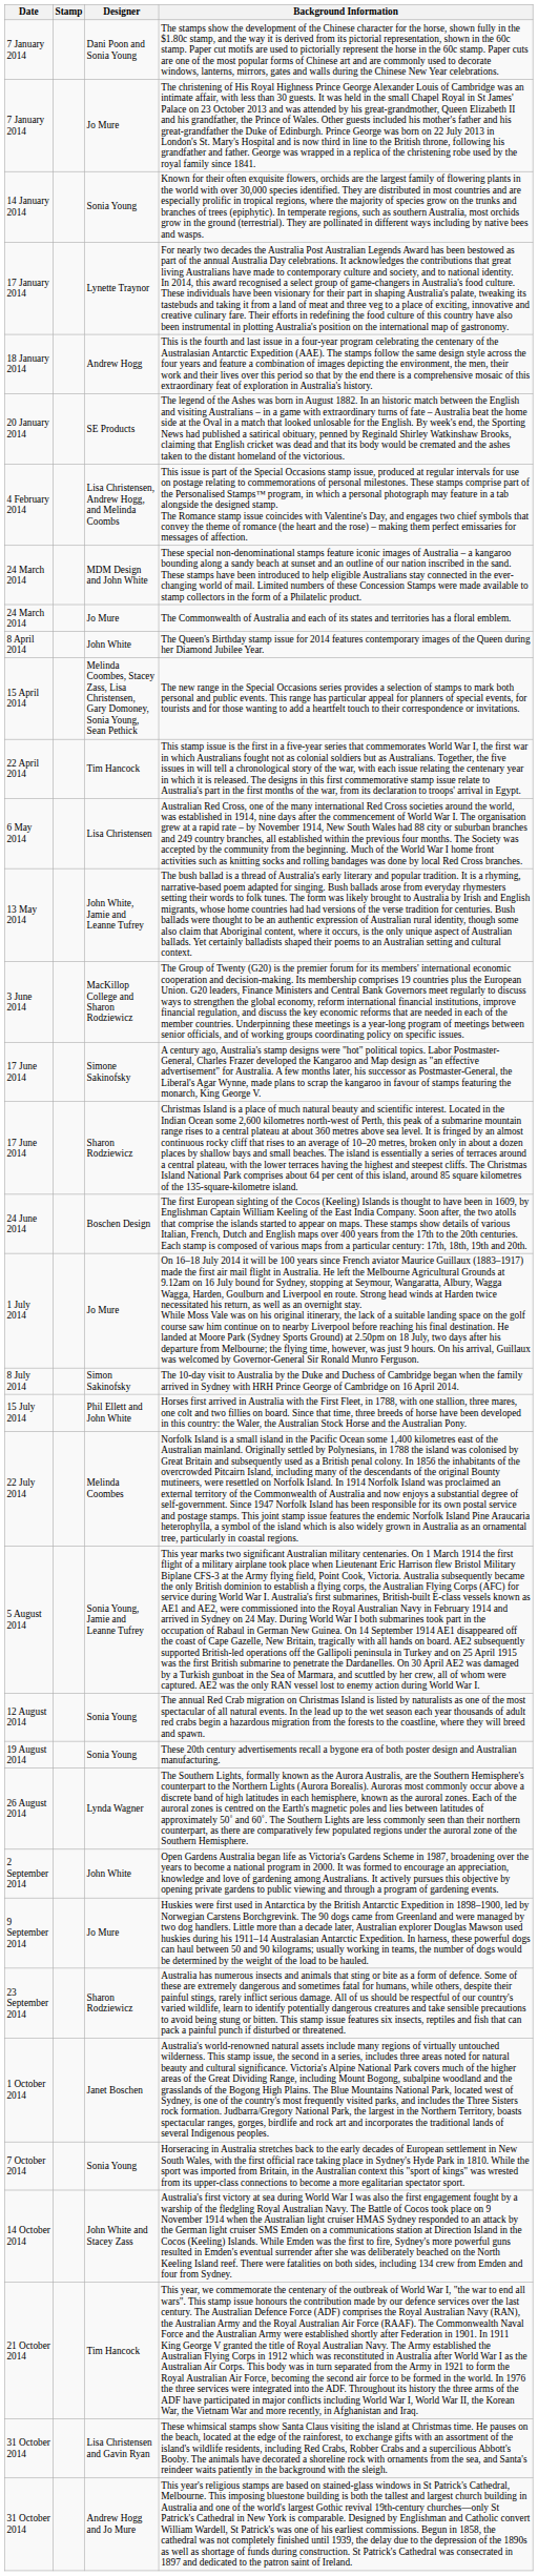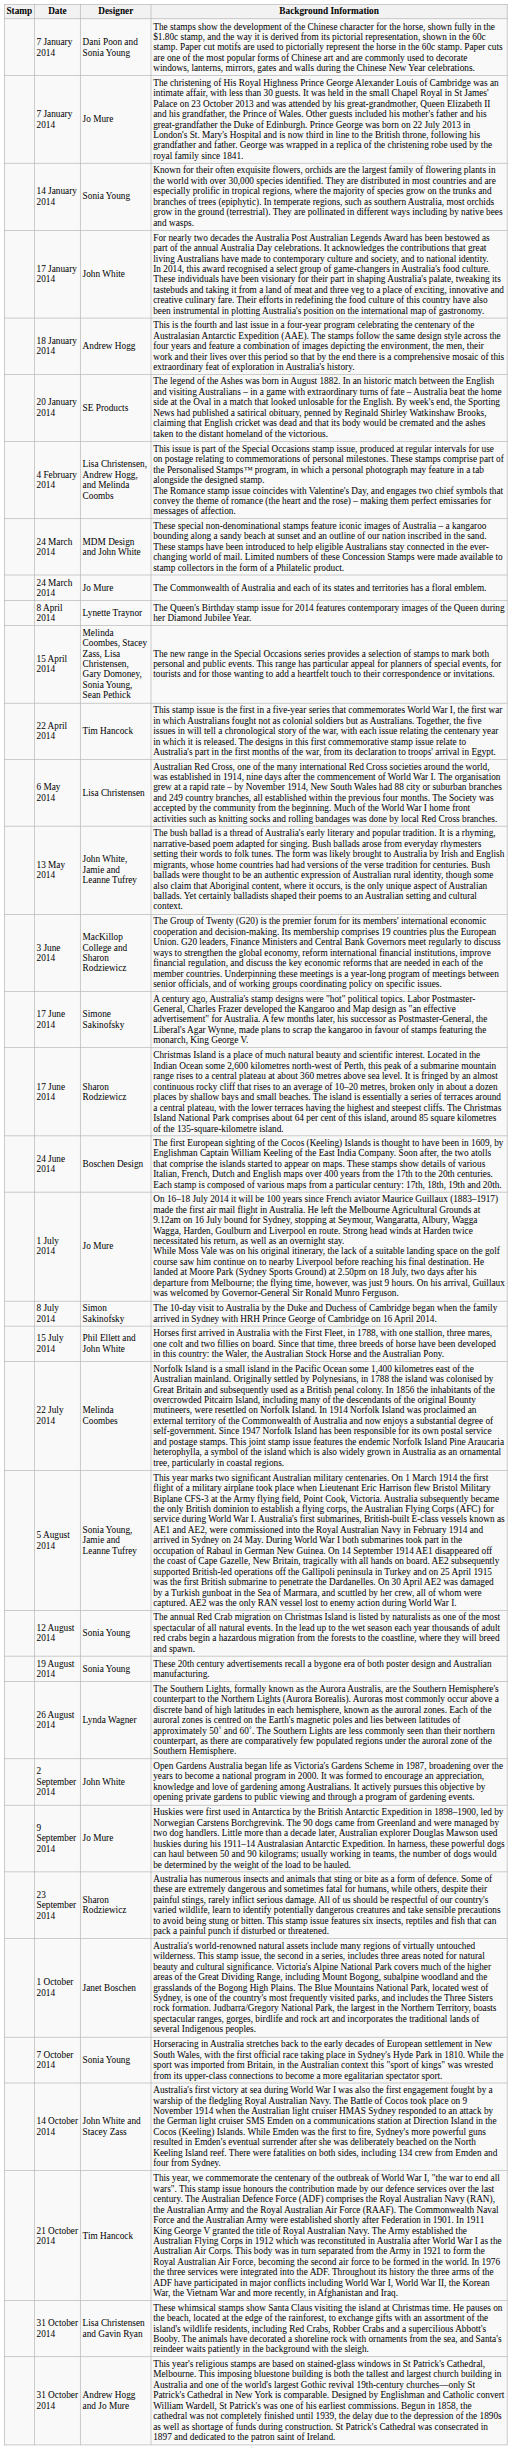 <table class="wikitable mw-collapsible">
 <tr>
+<th><strong>Stamp</strong></th>
 <th>Date</th>
-<th><strong>Stamp</strong></th>
 <th>Designer</th>
 <th>Background Information</th>
 </tr>
 <tr>
+<td></td>
 <td>7 January 2014</td>
-<td></td>
 <td>Dani Poon and Sonia Young</td>
 <td>The stamps show the development of the Chinese character for the horse, shown fully in the $1.80c stamp, and the way it is derived from its pictorial representation, shown in the 60c stamp. Paper cut motifs are used to pictorially represent the horse in the 60c stamp. Paper cuts are one of the most popular forms of Chinese art and are commonly used to decorate windows, lanterns, mirrors, gates and walls during the Chinese New Year celebrations.</td>
 </tr>
 <tr>
+<td></td>
 <td>7 January 2014</td>
-<td></td>
 <td>Jo Mure</td>
 <td>The christening of His Royal Highness Prince George Alexander Louis of Cambridge was an intimate affair, with less than 30 guests. It was held in the small Chapel Royal in St James' Palace on 23 October 2013 and was attended by his great-grandmother, Queen Elizabeth II and his grandfather, the Prince of Wales. Other guests included his mother's father and his great-grandfather the Duke of Edinburgh. Prince George was born on 22 July 2013 in London's St. Mary's Hospital and is now third in line to the British throne, following his grandfather and father. George was wrapped in a replica of the christening robe used by the royal family since 1841.</td>
 </tr>
 <tr>
+<td></td>
 <td>14 January 2014</td>
-<td></td>
 <td>Sonia Young</td>
 <td>Known for their often exquisite flowers, orchids are the largest family of flowering plants in the world with over 30,000 species identified. They are distributed in most countries and are especially prolific in tropical regions, where the majority of species grow on the trunks and branches of trees (epiphytic). In temperate regions, such as southern Australia, most orchids grow in the ground (terrestrial). They are pollinated in different ways including by native bees and wasps.</td>
 </tr>
 <tr>
+<td></td>
 <td>17 January 2014</td>
-<td></td>
-<td>Lynette Traynor</td>
+<td>John White</td>
 <td>For nearly two decades the Australia Post Australian Legends Award has been bestowed as part of the annual Australia Day celebrations. It acknowledges the contributions that great living Australians have made to contemporary culture and society, and to national identity.<br>In 2014, this award recognised a select group of game-changers in Australia's food culture. These individuals have been visionary for their part in shaping Australia's palate, tweaking its tastebuds and taking it from a land of meat and three veg to a place of exciting, innovative and creative culinary fare. Their efforts in redefining the food culture of this country have also been instrumental in plotting Australia's position on the international map of gastronomy.</td>
 </tr>
 <tr>
+<td></td>
 <td>18 January 2014</td>
-<td></td>
 <td>Andrew Hogg</td>
 <td>This is the fourth and last issue in a four-year program celebrating the centenary of the Australasian Antarctic Expedition (AAE). The stamps follow the same design style across the four years and feature a combination of images depicting the environment, the men, their work and their lives over this period so that by the end there is a comprehensive mosaic of this extraordinary feat of exploration in Australia's history.</td>
 </tr>
 <tr>
+<td></td>
 <td>20 January 2014</td>
-<td></td>
 <td>SE Products</td>
 <td>The legend of the Ashes was born in August 1882. In an historic match between the English and visiting Australians – in a game with extraordinary turns of fate – Australia beat the home side at the Oval in a match that looked unlosable for the English. By week's end, the Sporting News had published a satirical obituary, penned by Reginald Shirley Watkinshaw Brooks, claiming that English cricket was dead and that its body would be cremated and the ashes taken to the distant homeland of the victorious.</td>
 </tr>
 <tr>
+<td></td>
 <td>4 February 2014</td>
-<td></td>
 <td>Lisa Christensen, Andrew Hogg, and Melinda Coombs</td>
 <td>This issue is part of the Special Occasions stamp issue, produced at regular intervals for use on postage relating to commemorations of personal milestones. These stamps comprise part of the Personalised Stamps™ program, in which a personal photograph may feature in a tab alongside the designed stamp.<br>The Romance stamp issue coincides with Valentine's Day, and engages two chief symbols that convey the theme of romance (the heart and the rose) – making them perfect emissaries for messages of affection.</td>
 </tr>
 <tr>
+<td></td>
 <td>24 March 2014</td>
-<td></td>
 <td>MDM Design and John White</td>
 <td>These special non-denominational stamps feature iconic images of Australia – a kangaroo bounding along a sandy beach at sunset and an outline of our nation inscribed in the sand. These stamps have been introduced to help eligible Australians stay connected in the ever-changing world of mail. Limited numbers of these Concession Stamps were made available to stamp collectors in the form of a Philatelic product.</td>
 </tr>
 <tr>
+<td></td>
 <td>24 March 2014</td>
-<td></td>
 <td>Jo Mure</td>
 <td>The Commonwealth of Australia and each of its states and territories has a floral emblem.</td>
 </tr>
 <tr>
+<td></td>
 <td>8 April 2014</td>
-<td></td>
-<td>John White</td>
+<td>Lynette Traynor</td>
 <td>The Queen's Birthday stamp issue for 2014 features contemporary images of the Queen during her Diamond Jubilee Year.</td>
 </tr>
 <tr>
+<td></td>
 <td>15 April 2014</td>
-<td></td>
 <td>Melinda Coombes, Stacey Zass, Lisa Christensen, Gary Domoney, Sonia Young, Sean Pethick</td>
 <td>The new range in the Special Occasions series provides a selection of stamps to mark both personal and public events. This range has particular appeal for planners of special events, for tourists and for those wanting to add a heartfelt touch to their correspondence or invitations.</td>
 </tr>
 <tr>
+<td></td>
 <td>22 April 2014</td>
-<td></td>
 <td>Tim Hancock</td>
 <td>This stamp issue is the first in a five-year series that commemorates World War I, the first war in which Australians fought not as colonial soldiers but as Australians. Together, the five issues in will tell a chronological story of the war, with each issue relating the centenary year in which it is released. The designs in this first commemorative stamp issue relate to Australia's part in the first months of the war, from its declaration to troops' arrival in Egypt.</td>
 </tr>
 <tr>
+<td></td>
 <td>6 May 2014</td>
-<td></td>
 <td>Lisa Christensen</td>
 <td>Australian Red Cross, one of the many international Red Cross societies around the world, was established in 1914, nine days after the commencement of World War I. The organisation grew at a rapid rate – by November 1914, New South Wales had 88 city or suburban branches and 249 country branches, all established within the previous four months. The Society was accepted by the community from the beginning. Much of the World War I home front activities such as knitting socks and rolling bandages was done by local Red Cross branches.</td>
 </tr>
 <tr>
+<td></td>
 <td>13 May 2014</td>
-<td></td>
 <td>John White, Jamie and Leanne Tufrey</td>
 <td>The bush ballad is a thread of Australia's early literary and popular tradition. It is a rhyming, narrative-based poem adapted for singing. Bush ballads arose from everyday rhymesters setting their words to folk tunes. The form was likely brought to Australia by Irish and English migrants, whose home countries had had versions of the verse tradition for centuries. Bush ballads were thought to be an authentic expression of Australian rural identity, though some also claim that Aboriginal content, where it occurs, is the only unique aspect of Australian ballads. Yet certainly balladists shaped their poems to an Australian setting and cultural context.</td>
 </tr>
 <tr>
+<td></td>
 <td>3 June 2014</td>
-<td></td>
 <td>MacKillop College and Sharon Rodziewicz</td>
 <td>The Group of Twenty (G20) is the premier forum for its members' international economic cooperation and decision-making. Its membership comprises 19 countries plus the European Union. G20 leaders, Finance Ministers and Central Bank Governors meet regularly to discuss ways to strengthen the global economy, reform international financial institutions, improve financial regulation, and discuss the key economic reforms that are needed in each of the member countries. Underpinning these meetings is a year-long program of meetings between senior officials, and of working groups coordinating policy on specific issues.</td>
 </tr>
 <tr>
+<td></td>
 <td>17 June 2014</td>
-<td></td>
 <td>Simone Sakinofsky</td>
 <td>A century ago, Australia's stamp designs were "hot" political topics. Labor Postmaster-General, Charles Frazer developed the Kangaroo and Map design as "an effective advertisement" for Australia. A few months later, his successor as Postmaster-General, the Liberal's Agar Wynne, made plans to scrap the kangaroo in favour of stamps featuring the monarch, King George V.</td>
 </tr>
 <tr>
+<td></td>
 <td>17 June 2014</td>
-<td></td>
 <td>Sharon Rodziewicz</td>
 <td>Christmas Island is a place of much natural beauty and scientific interest. Located in the Indian Ocean some 2,600 kilometres north-west of Perth, this peak of a submarine mountain range rises to a central plateau at about 360 metres above sea level. It is fringed by an almost continuous rocky cliff that rises to an average of 10–20 metres, broken only in about a dozen places by shallow bays and small beaches. The island is essentially a series of terraces around a central plateau, with the lower terraces having the highest and steepest cliffs. The Christmas Island National Park comprises about 64 per cent of this island, around 85 square kilometres of the 135-square-kilometre island.</td>
 </tr>
 <tr>
+<td></td>
 <td>24 June 2014</td>
-<td></td>
 <td>Boschen Design</td>
 <td>The first European sighting of the Cocos (Keeling) Islands is thought to have been in 1609, by Englishman Captain William Keeling of the East India Company. Soon after, the two atolls that comprise the islands started to appear on maps. These stamps show details of various Italian, French, Dutch and English maps over 400 years from the 17th to the 20th centuries. Each stamp is composed of various maps from a particular century: 17th, 18th, 19th and 20th.</td>
 </tr>
 <tr>
+<td></td>
 <td>1 July 2014</td>
-<td></td>
 <td>Jo Mure</td>
 <td>On 16–18 July 2014 it will be 100 years since French aviator Maurice Guillaux (1883–1917) made the first air mail flight in Australia. He left the Melbourne Agricultural Grounds at 9.12am on 16 July bound for Sydney, stopping at Seymour, Wangaratta, Albury, Wagga Wagga, Harden, Goulburn and Liverpool en route. Strong head winds at Harden twice necessitated his return, as well as an overnight stay.<br>While Moss Vale was on his original itinerary, the lack of a suitable landing space on the golf course saw him continue on to nearby Liverpool before reaching his final destination. He landed at Moore Park (Sydney Sports Ground) at 2.50pm on 18 July, two days after his departure from Melbourne; the flying time, however, was just 9 hours. On his arrival, Guillaux was welcomed by Governor-General Sir Ronald Munro Ferguson.</td>
 </tr>
 <tr>
+<td></td>
 <td>8 July 2014</td>
-<td></td>
 <td>Simon Sakinofsky</td>
 <td>The 10-day visit to Australia by the Duke and Duchess of Cambridge began when the family arrived in Sydney with HRH Prince George of Cambridge on 16 April 2014.</td>
 </tr>
 <tr>
+<td></td>
 <td>15 July 2014</td>
-<td></td>
 <td>Phil Ellett and John White</td>
 <td>Horses first arrived in Australia with the First Fleet, in 1788, with one stallion, three mares, one colt and two fillies on board. Since that time, three breeds of horse have been developed in this country: the Waler, the Australian Stock Horse and the Australian Pony.</td>
 </tr>
 <tr>
+<td></td>
 <td>22 July 2014</td>
-<td></td>
 <td>Melinda Coombes</td>
 <td>Norfolk Island is a small island in the Pacific Ocean some 1,400 kilometres east of the Australian mainland. Originally settled by Polynesians, in 1788 the island was colonised by Great Britain and subsequently used as a British penal colony. In 1856 the inhabitants of the overcrowded Pitcairn Island, including many of the descendants of the original Bounty mutineers, were resettled on Norfolk Island. In 1914 Norfolk Island was proclaimed an external territory of the Commonwealth of Australia and now enjoys a substantial degree of self-government. Since 1947 Norfolk Island has been responsible for its own postal service and postage stamps. This joint stamp issue features the endemic Norfolk Island Pine Araucaria heterophylla, a symbol of the island which is also widely grown in Australia as an ornamental tree, particularly in coastal regions.</td>
 </tr>
 <tr>
+<td></td>
 <td>5 August 2014</td>
-<td></td>
 <td>Sonia Young, Jamie and Leanne Tufrey</td>
 <td>This year marks two significant Australian military centenaries. On 1 March 1914 the first flight of a military airplane took place when Lieutenant Eric Harrison flew Bristol Military Biplane CFS-3 at the Army flying field, Point Cook, Victoria. Australia subsequently became the only British dominion to establish a flying corps, the Australian Flying Corps (AFC) for service during World War I. Australia's first submarines, British-built E-class vessels known as AE1 and AE2, were commissioned into the Royal Australian Navy in February 1914 and arrived in Sydney on 24 May. During World War I both submarines took part in the occupation of Rabaul in German New Guinea. On 14 September 1914 AE1 disappeared off the coast of Cape Gazelle, New Britain, tragically with all hands on board. AE2 subsequently supported British-led operations off the Gallipoli peninsula in Turkey and on 25 April 1915 was the first British submarine to penetrate the Dardanelles. On 30 April AE2 was damaged by a Turkish gunboat in the Sea of Marmara, and scuttled by her crew, all of whom were captured. AE2 was the only RAN vessel lost to enemy action during World War I.</td>
 </tr>
 <tr>
+<td></td>
 <td>12 August 2014</td>
-<td></td>
 <td>Sonia Young</td>
 <td>The annual Red Crab migration on Christmas Island is listed by naturalists as one of the most spectacular of all natural events. In the lead up to the wet season each year thousands of adult red crabs begin a hazardous migration from the forests to the coastline, where they will breed and spawn.</td>
 </tr>
 <tr>
+<td></td>
 <td>19 August 2014</td>
-<td></td>
 <td>Sonia Young</td>
 <td>These 20th century advertisements recall a bygone era of both poster design and Australian manufacturing.</td>
 </tr>
 <tr>
+<td></td>
 <td>26 August 2014</td>
-<td></td>
 <td>Lynda Wagner</td>
 <td>The Southern Lights, formally known as the Aurora Australis, are the Southern Hemisphere's counterpart to the Northern Lights (Aurora Borealis). Auroras most commonly occur above a discrete band of high latitudes in each hemisphere, known as the auroral zones. Each of the auroral zones is centred on the Earth's magnetic poles and lies between latitudes of approximately 50˚ and 60˚. The Southern Lights are less commonly seen than their northern counterpart, as there are comparatively few populated regions under the auroral zone of the Southern Hemisphere.</td>
 </tr>
 <tr>
+<td></td>
 <td>2 September 2014</td>
-<td></td>
 <td>John White</td>
 <td>Open Gardens Australia began life as Victoria's Gardens Scheme in 1987, broadening over the years to become a national program in 2000. It was formed to encourage an appreciation, knowledge and love of gardening among Australians. It actively pursues this objective by opening private gardens to public viewing and through a program of gardening events.</td>
 </tr>
 <tr>
+<td></td>
 <td>9 September 2014</td>
-<td></td>
 <td>Jo Mure</td>
 <td>Huskies were first used in Antarctica by the British Antarctic Expedition in 1898–1900, led by Norwegian Carstens Borchgrevink. The 90 dogs came from Greenland and were managed by two dog handlers. Little more than a decade later, Australian explorer Douglas Mawson used huskies during his 1911–14 Australasian Antarctic Expedition. In harness, these powerful dogs can haul between 50 and 90 kilograms; usually working in teams, the number of dogs would be determined by the weight of the load to be hauled.</td>
 </tr>
 <tr>
+<td></td>
 <td>23 September 2014</td>
-<td></td>
 <td>Sharon Rodziewicz</td>
 <td>Australia has numerous insects and animals that sting or bite as a form of defence. Some of these are extremely dangerous and sometimes fatal for humans, while others, despite their painful stings, rarely inflict serious damage. All of us should be respectful of our country's varied wildlife, learn to identify potentially dangerous creatures and take sensible precautions to avoid being stung or bitten. This stamp issue features six insects, reptiles and fish that can pack a painful punch if disturbed or threatened.</td>
 </tr>
 <tr>
+<td></td>
 <td>1 October 2014</td>
-<td></td>
 <td>Janet Boschen</td>
 <td>Australia's world-renowned natural assets include many regions of virtually untouched wilderness. This stamp issue, the second in a series, includes three areas noted for natural beauty and cultural significance. Victoria's Alpine National Park covers much of the higher areas of the Great Dividing Range, including Mount Bogong, subalpine woodland and the grasslands of the Bogong High Plains. The Blue Mountains National Park, located west of Sydney, is one of the country's most frequently visited parks, and includes the Three Sisters rock formation. Judbarra/Gregory National Park, the largest in the Northern Territory, boasts spectacular ranges, gorges, birdlife and rock art and incorporates the traditional lands of several Indigenous peoples.</td>
 </tr>
 <tr>
+<td></td>
 <td>7 October 2014</td>
-<td></td>
 <td>Sonia Young</td>
 <td>Horseracing in Australia stretches back to the early decades of European settlement in New South Wales, with the first official race taking place in Sydney's Hyde Park in 1810. While the sport was imported from Britain, in the Australian context this "sport of kings" was wrested from its upper-class connections to become a more egalitarian spectator sport.</td>
 </tr>
 <tr>
+<td></td>
 <td>14 October 2014</td>
-<td></td>
 <td>John White and Stacey Zass</td>
 <td>Australia's first victory at sea during World War I was also the first engagement fought by a warship of the fledgling Royal Australian Navy. The Battle of Cocos took place on 9 November 1914 when the Australian light cruiser HMAS Sydney responded to an attack by the German light cruiser SMS Emden on a communications station at Direction Island in the Cocos (Keeling) Islands. While Emden was the first to fire, Sydney's more powerful guns resulted in Emden's eventual surrender after she was deliberately beached on the North Keeling Island reef. There were fatalities on both sides, including 134 crew from Emden and four from Sydney.</td>
 </tr>
 <tr>
+<td></td>
 <td>21 October 2014</td>
-<td></td>
 <td>Tim Hancock</td>
 <td>This year, we commemorate the centenary of the outbreak of World War I, "the war to end all wars". This stamp issue honours the contribution made by our defence services over the last century. The Australian Defence Force (ADF) comprises the Royal Australian Navy (RAN), the Australian Army and the Royal Australian Air Force (RAAF). The Commonwealth Naval Force and the Australian Army were established shortly after Federation in 1901. In 1911 King George V granted the title of Royal Australian Navy. The Army established the Australian Flying Corps in 1912 which was reconstituted in Australia after World War I as the Australian Air Corps. This body was in turn separated from the Army in 1921 to form the Royal Australian Air Force, becoming the second air force to be formed in the world. In 1976 the three services were integrated into the ADF. Throughout its history the three arms of the ADF have participated in major conflicts including World War I, World War II, the Korean War, the Vietnam War and more recently, in Afghanistan and Iraq.</td>
 </tr>
 <tr>
+<td></td>
 <td>31 October 2014</td>
-<td></td>
 <td>Lisa Christensen and Gavin Ryan</td>
 <td>These whimsical stamps show Santa Claus visiting the island at Christmas time. He pauses on the beach, located at the edge of the rainforest, to exchange gifts with an assortment of the island's wildlife residents, including Red Crabs, Robber Crabs and a supercilious Abbott's Booby. The animals have decorated a shoreline rock with ornaments from the sea, and Santa's reindeer waits patiently in the background with the sleigh.</td>
 </tr>
 <tr>
+<td></td>
 <td>31 October 2014</td>
-<td></td>
 <td>Andrew Hogg and Jo Mure</td>
 <td>This year's religious stamps are based on stained-glass windows in St Patrick's Cathedral, Melbourne. This imposing bluestone building is both the tallest and largest church building in Australia and one of the world's largest Gothic revival 19th-century churches—only St Patrick's Cathedral in New York is comparable. Designed by Englishman and Catholic convert William Wardell, St Patrick's was one of his earliest commissions. Begun in 1858, the cathedral was not completely finished until 1939, the delay due to the depression of the 1890s as well as shortage of funds during construction. St Patrick's Cathedral was consecrated in 1897 and dedicated to the patron saint of Ireland.</td>
 </tr>
 </table>
